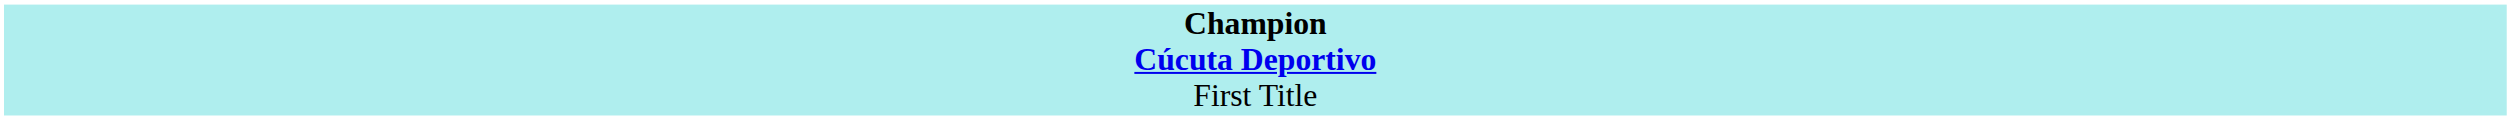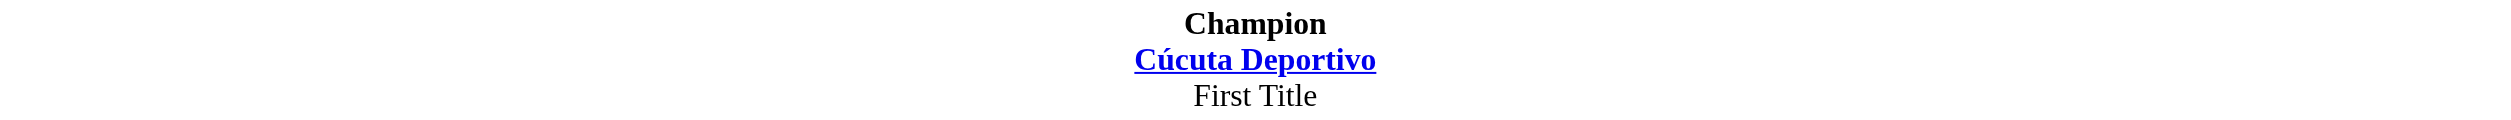 <table cellspacing=0 width=100%>
 <tr>
 <td align=center><br></td>
 </tr>
 <tr>
-<td align=center style="background: paleturquoise;"><strong>Champion<br><a href='#'>Cúcuta Deportivo</a></strong><br>First Title</td>
+<td align=center><strong>Champion<br><a href='#'>Cúcuta Deportivo</a></strong><br>First Title</td>
 </tr>
 </table>
